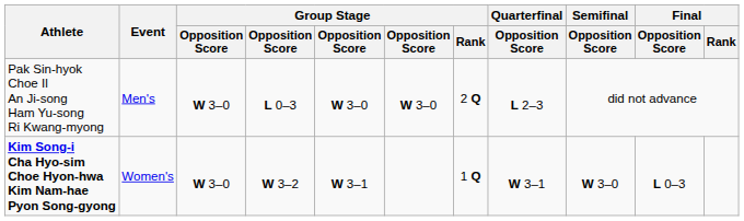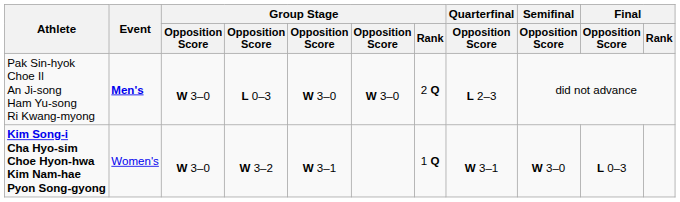 <table class=wikitable style=font-size:87%;text-align:center>
 <tr>
 <th rowspan="2">Athlete</th>
 <th rowspan="2">Event</th>
 <th colspan="5">Group Stage</th>
 <th>Quarterfinal</th>
 <th>Semifinal</th>
 <th colspan="2">Final</th>
 </tr>
 <tr style="font-size:95%">
 <th>Opposition<br>Score</th>
 <th>Opposition<br>Score</th>
 <th>Opposition<br>Score</th>
 <th>Opposition<br>Score</th>
 <th>Rank</th>
 <th>Opposition<br>Score</th>
 <th>Opposition<br>Score</th>
 <th>Opposition<br>Score</th>
 <th>Rank</th>
 </tr>
 <tr>
 <td align=left>Pak Sin-hyok<br>Choe Il<br>An Ji-song<br>Ham Yu-song<br>Ri Kwang-myong</td>
-<td align=left><a href='#'>Men's</a></td>
+<td align=left><strong><a href='#'>Men's</a></strong></td>
 <td><br><strong>W</strong> 3–0</td>
 <td><br><strong>L</strong> 0–3</td>
 <td><br><strong>W</strong> 3–0</td>
 <td><br><strong>W</strong> 3–0</td>
 <td>2 <strong>Q</strong></td>
 <td><br><strong>L</strong> 2–3</td>
 <td colspan=3>did not advance</td>
 </tr>
 <tr>
 <td align=left><strong><a href='#'>Kim Song-i</a><br>Cha Hyo-sim<br>Choe Hyon-hwa<br>Kim Nam-hae<br>Pyon Song-gyong</strong></td>
 <td align=left><a href='#'>Women's</a></td>
 <td><br><strong>W</strong> 3–0</td>
 <td><br><strong>W</strong> 3–2</td>
 <td><br><strong>W</strong> 3–1</td>
 <td></td>
 <td>1 <strong>Q</strong></td>
 <td><br><strong>W</strong> 3–1</td>
 <td><br><strong>W</strong> 3–0</td>
 <td><br><strong>L</strong> 0–3</td>
 <td></td>
 </tr>
 </table>
